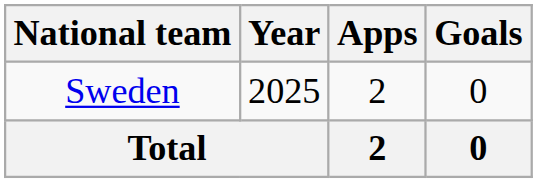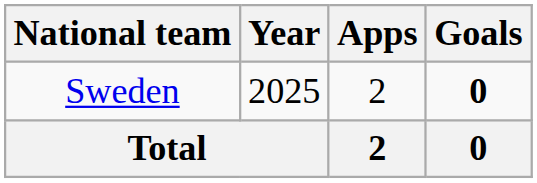 <table class="wikitable" style="text-align: center;">
 <tr>
 <th>National team</th>
 <th>Year</th>
 <th>Apps</th>
 <th>Goals</th>
 </tr>
 <tr>
 <td><a href='#'>Sweden</a></td>
 <td>2025</td>
 <td>2</td>
-<td>0</td>
+<td><strong>0</strong></td>
 </tr>
 <tr>
 <th colspan="2">Total</th>
 <th>2</th>
 <th>0</th>
 </tr>
 </table>
